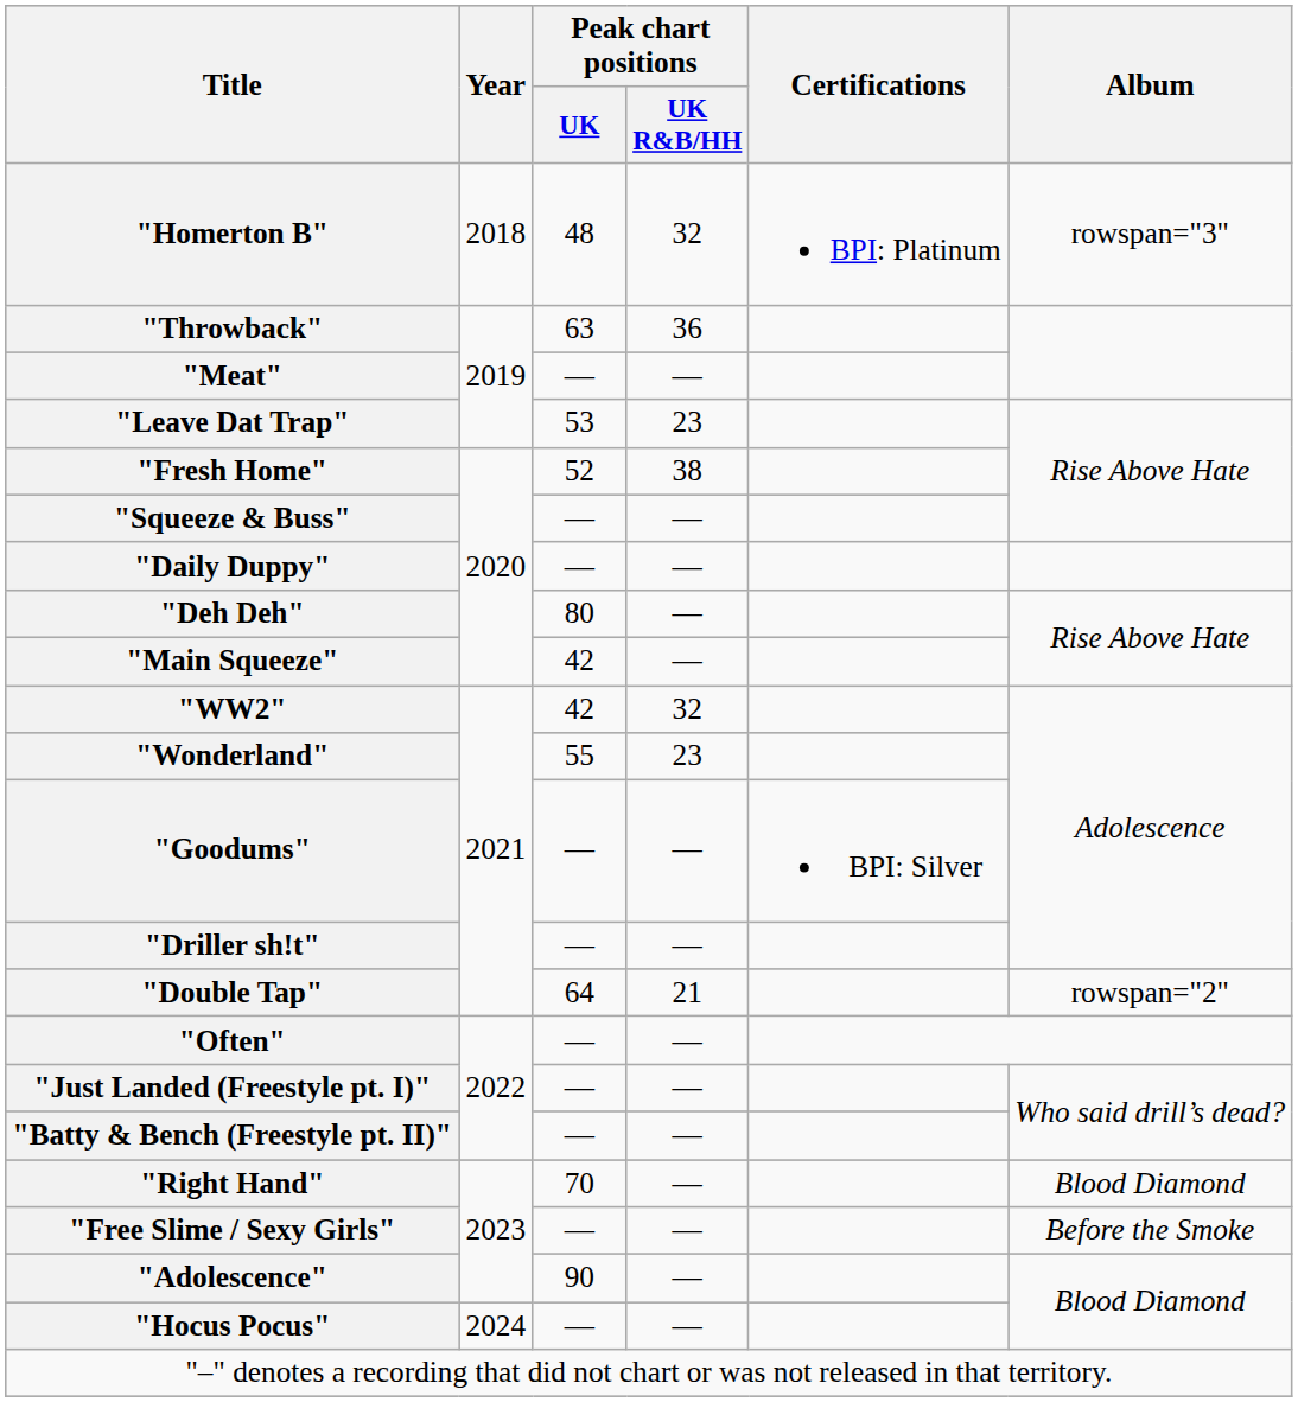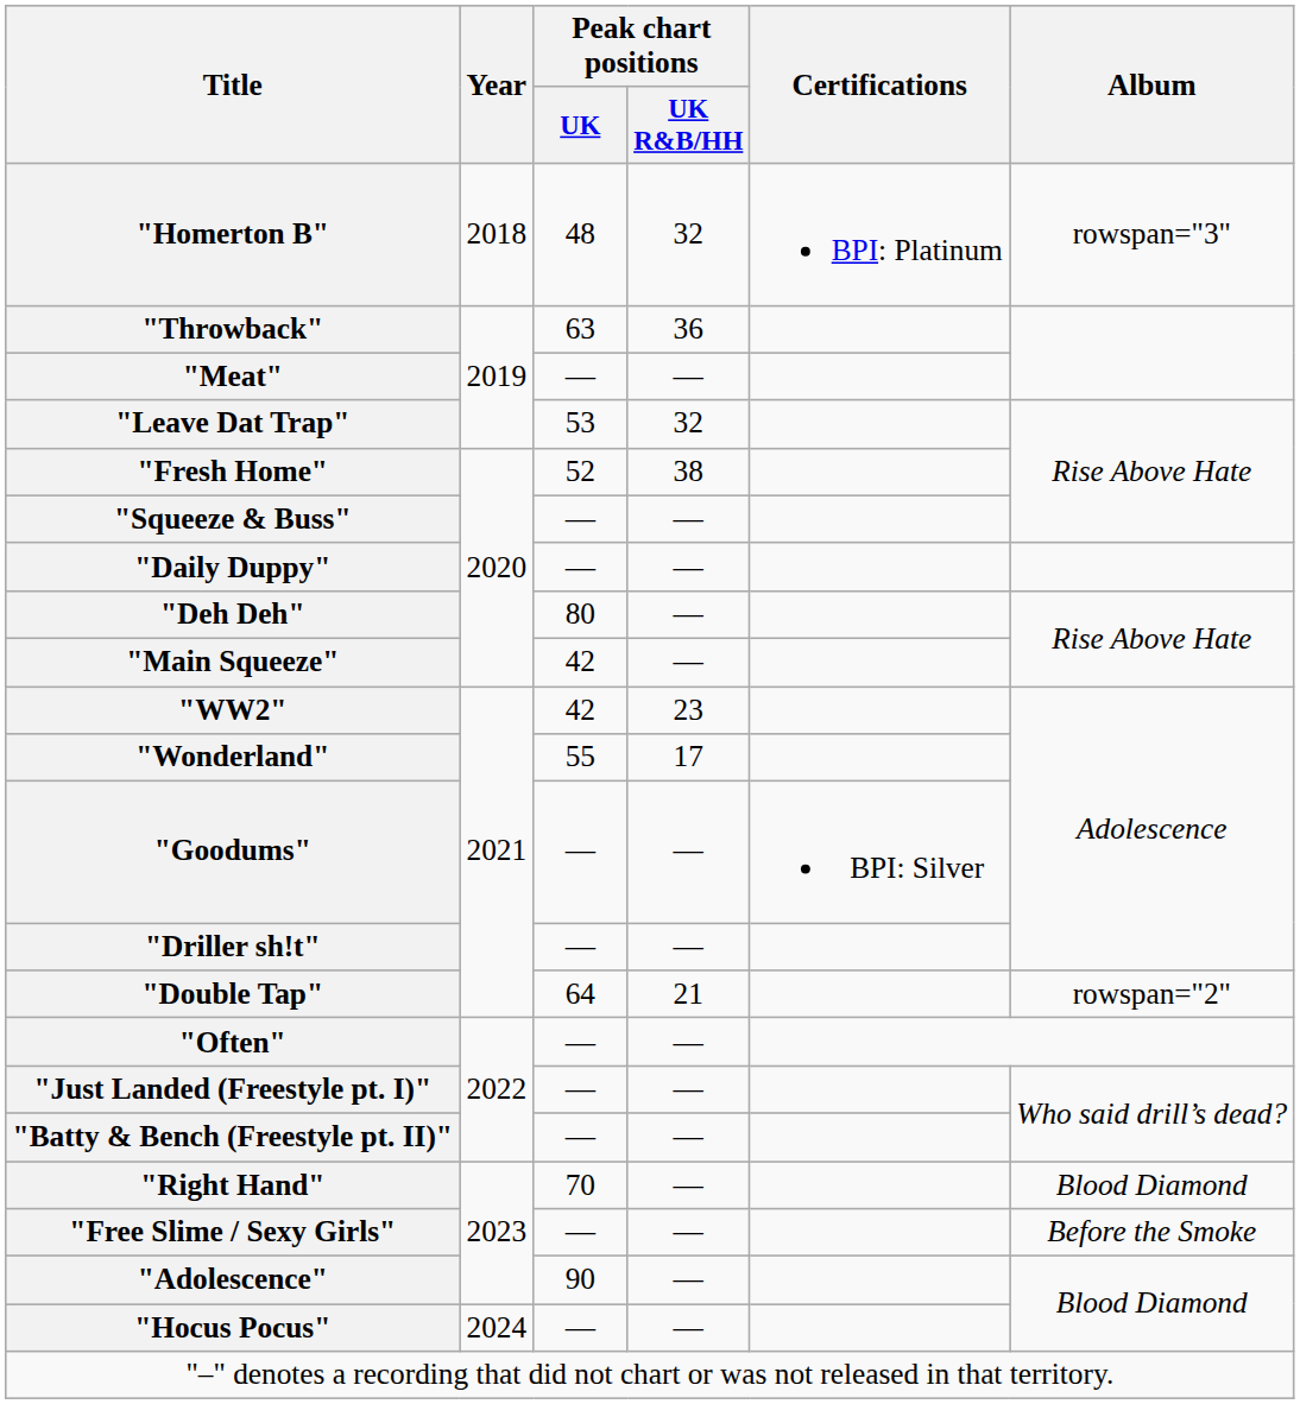 <table class="wikitable plainrowheaders" style="text-align:center;">
 <tr>
 <th scope="col" rowspan="2">Title</th>
 <th scope="col" rowspan="2">Year</th>
 <th scope="col" colspan="2">Peak chart positions</th>
 <th scope="col" rowspan="2">Certifications</th>
 <th scope="col" rowspan="2">Album</th>
 </tr>
 <tr>
 <th scope="col" style="width:3em;font-size:90%;"><a href='#'>UK</a><br></th>
 <th scope="col" style="width:3em;font-size:90%;"><a href='#'>UK<br>R&B/HH</a><br></th>
 </tr>
 <tr>
 <th scope="row">"Homerton B"</th>
 <td>2018</td>
 <td>48</td>
 <td>32</td>
 <td><br><ul><li><a href='#'>BPI</a>: Platinum</li></ul></td>
 <td>rowspan="3" </td>
 </tr>
 <tr>
 <th scope="row">"Throwback"<br></th>
 <td rowspan="3">2019</td>
 <td>63</td>
 <td>36</td>
 <td></td>
 </tr>
 <tr>
 <th scope="row">"Meat"</th>
 <td>—</td>
 <td>—</td>
 <td></td>
 </tr>
 <tr>
 <th scope="row">"Leave Dat Trap"<br></th>
 <td>53</td>
-<td>23</td>
+<td>32</td>
 <td></td>
 <td rowspan="3"><em>Rise Above Hate</em></td>
 </tr>
 <tr>
 <th scope="row">"Fresh Home"</th>
 <td rowspan="5">2020</td>
 <td>52</td>
 <td>38</td>
 <td></td>
 </tr>
 <tr>
 <th scope="row">"Squeeze & Buss"</th>
 <td>—</td>
 <td>—</td>
 <td></td>
 </tr>
 <tr>
 <th scope="row">"Daily Duppy"<br></th>
 <td>—</td>
 <td>—</td>
 <td></td>
 <td></td>
 </tr>
 <tr>
 <th scope="row">"Deh Deh"</th>
 <td>80</td>
 <td>—</td>
 <td></td>
 <td rowspan="2"><em>Rise Above Hate</em></td>
 </tr>
 <tr>
 <th scope="row">"Main Squeeze"<br></th>
 <td>42</td>
 <td>—</td>
 <td></td>
 </tr>
 <tr>
 <th scope="row">"WW2"</th>
 <td rowspan="5">2021</td>
 <td>42</td>
-<td>32</td>
+<td>23</td>
 <td></td>
 <td rowspan="4"><em>Adolescence</em></td>
 </tr>
 <tr>
 <th scope="row">"Wonderland"<br></th>
 <td>55</td>
-<td>23</td>
+<td>17</td>
 <td></td>
 </tr>
 <tr>
 <th scope="row">"Goodums"</th>
 <td>—</td>
 <td>—</td>
 <td><br><ul><li>BPI: Silver</li></ul></td>
 </tr>
 <tr>
 <th scope="row">"Driller sh!t"</th>
 <td>—</td>
 <td>—</td>
 <td></td>
 </tr>
 <tr>
 <th scope="row">"Double Tap"<br> </th>
 <td>64</td>
 <td>21</td>
 <td></td>
 <td>rowspan="2" </td>
 </tr>
 <tr>
 <th scope="row">"Often"</th>
 <td rowspan="3">2022</td>
 <td>—</td>
 <td>—</td>
 </tr>
 <tr>
 <th scope="row">"Just Landed (Freestyle pt. I)"</th>
 <td>—</td>
 <td>—</td>
 <td></td>
 <td rowspan="2"><em>Who said drill’s dead?</em></td>
 </tr>
 <tr>
 <th scope="row">"Batty & Bench (Freestyle pt. II)"</th>
 <td>—</td>
 <td>—</td>
 <td></td>
 </tr>
 <tr>
 <th scope="row">"Right Hand"<br></th>
 <td rowspan="3">2023</td>
 <td>70</td>
 <td>—</td>
 <td></td>
 <td><em>Blood Diamond</em></td>
 </tr>
 <tr>
 <th scope="row">"Free Slime / Sexy Girls"<br></th>
 <td>—</td>
 <td>—</td>
 <td></td>
 <td><em>Before the Smoke</em></td>
 </tr>
 <tr>
 <th scope="row">"Adolescence"<br></th>
 <td>90</td>
 <td>—</td>
 <td></td>
 <td rowspan="2"><em>Blood Diamond</em></td>
 </tr>
 <tr>
 <th scope="row">"Hocus Pocus"<br></th>
 <td>2024</td>
 <td>—</td>
 <td>—</td>
 <td></td>
 </tr>
 <tr>
 <td colspan="6">"–" denotes a recording that did not chart or was not released in that territory.</td>
 </tr>
 </table>
